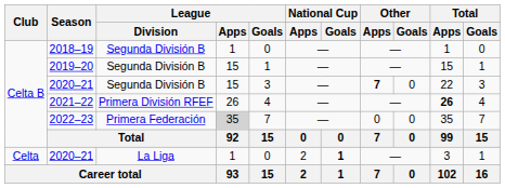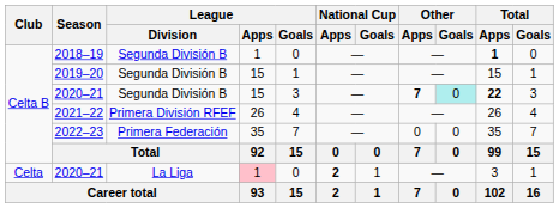 <table class="wikitable" style="text-align:center">
 <tr>
 <th rowspan="2">Club</th>
 <th rowspan="2">Season</th>
 <th colspan="3">League</th>
 <th colspan="2">National Cup</th>
 <th colspan="2">Other</th>
 <th colspan="2">Total</th>
 </tr>
 <tr>
 <th>Division</th>
 <th>Apps</th>
 <th>Goals</th>
 <th>Apps</th>
 <th>Goals</th>
 <th>Apps</th>
 <th>Goals</th>
 <th>Apps</th>
 <th>Goals</th>
 </tr>
 <tr>
 <td rowspan="6"><a href='#'>Celta B</a></td>
 <td><a href='#'>2018–19</a></td>
 <td><a href='#'>Segunda División B</a></td>
 <td>1</td>
 <td>0</td>
 <td colspan="2">—</td>
 <td colspan="2">—</td>
-<td>1</td>
+<td><strong>1</strong></td>
 <td>0</td>
 </tr>
 <tr>
 <td><a href='#'>2019–20</a></td>
 <td>Segunda División B</td>
 <td>15</td>
 <td>1</td>
 <td colspan="2">—</td>
 <td colspan="2">—</td>
 <td>15</td>
 <td>1</td>
 </tr>
 <tr>
 <td><a href='#'>2020–21</a></td>
 <td>Segunda División B</td>
 <td>15</td>
 <td>3</td>
 <td colspan="2">—</td>
 <td><strong>7</strong></td>
-<td>0</td>
-<td>22</td>
+<td style="background: paleturquoise;">0</td>
+<td><strong>22</strong></td>
 <td>3</td>
 </tr>
 <tr>
 <td><a href='#'>2021–22</a></td>
 <td><a href='#'>Primera División RFEF</a></td>
 <td>26</td>
 <td>4</td>
 <td colspan="2">—</td>
 <td colspan="2">—</td>
-<td><strong>26</strong></td>
+<td>26</td>
 <td>4</td>
 </tr>
 <tr>
 <td><a href='#'>2022–23</a></td>
 <td><a href='#'>Primera Federación</a></td>
-<td style="background: lightgrey;">35</td>
+<td>35</td>
 <td>7</td>
 <td colspan="2">—</td>
 <td>0</td>
 <td>0</td>
 <td>35</td>
 <td>7</td>
 </tr>
 <tr>
 <th colspan="2">Total</th>
 <th>92</th>
 <th>15</th>
 <th>0</th>
 <th>0</th>
 <th>7</th>
 <th>0</th>
 <th>99</th>
 <th>15</th>
 </tr>
 <tr>
 <td><a href='#'>Celta</a></td>
 <td><a href='#'>2020–21</a></td>
 <td><a href='#'>La Liga</a></td>
+<td style="background: pink;">1</td>
+<td>0</td>
+<td><strong>2</strong></td>
 <td>1</td>
-<td>0</td>
-<td>2</td>
-<td><strong>1</strong></td>
 <td colspan="2">—</td>
 <td>3</td>
 <td>1</td>
 </tr>
 <tr>
 <th colspan="3">Career total</th>
 <th>93</th>
 <th>15</th>
 <th>2</th>
 <th>1</th>
 <th>7</th>
 <th>0</th>
 <th>102</th>
 <th>16</th>
 </tr>
 </table>
